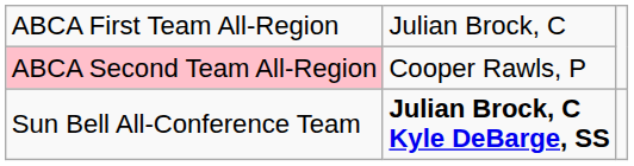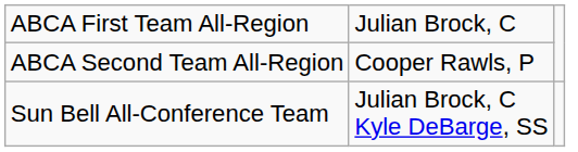 <table class="wikitable">
 <tr>
 <td>ABCA First Team All-Region</td>
 <td>Julian Brock, C</td>
 <td rowspan=2></td>
 </tr>
 <tr>
-<td style="background: pink;">ABCA Second Team All-Region</td>
+<td>ABCA Second Team All-Region</td>
 <td>Cooper Rawls, P</td>
 </tr>
 <tr>
 <td>Sun Bell All-Conference Team</td>
-<td><strong>Julian Brock, C<br><a href='#'>Kyle DeBarge</a>, SS</strong></td>
+<td>Julian Brock, C<br><a href='#'>Kyle DeBarge</a>, SS</td>
 <td></td>
 </tr>
 </table>
